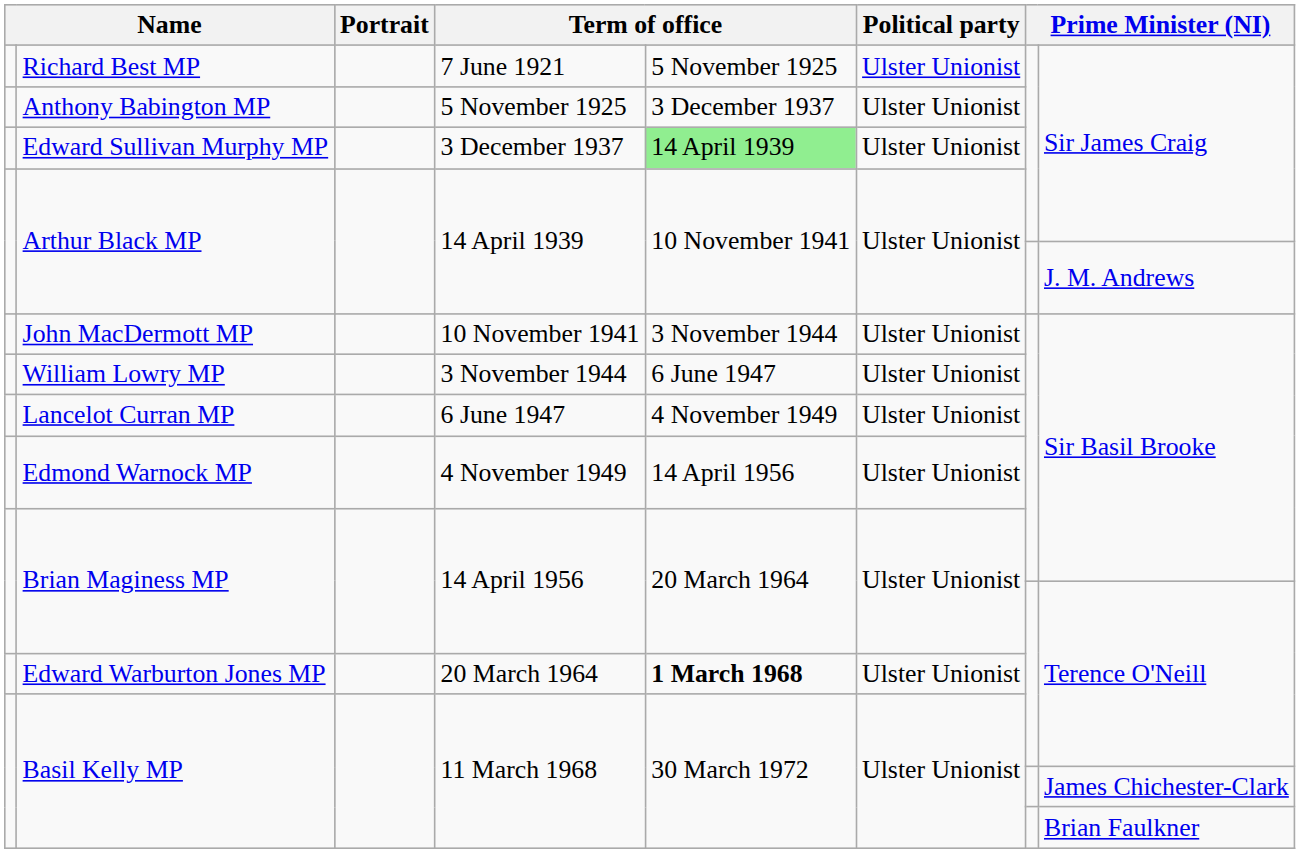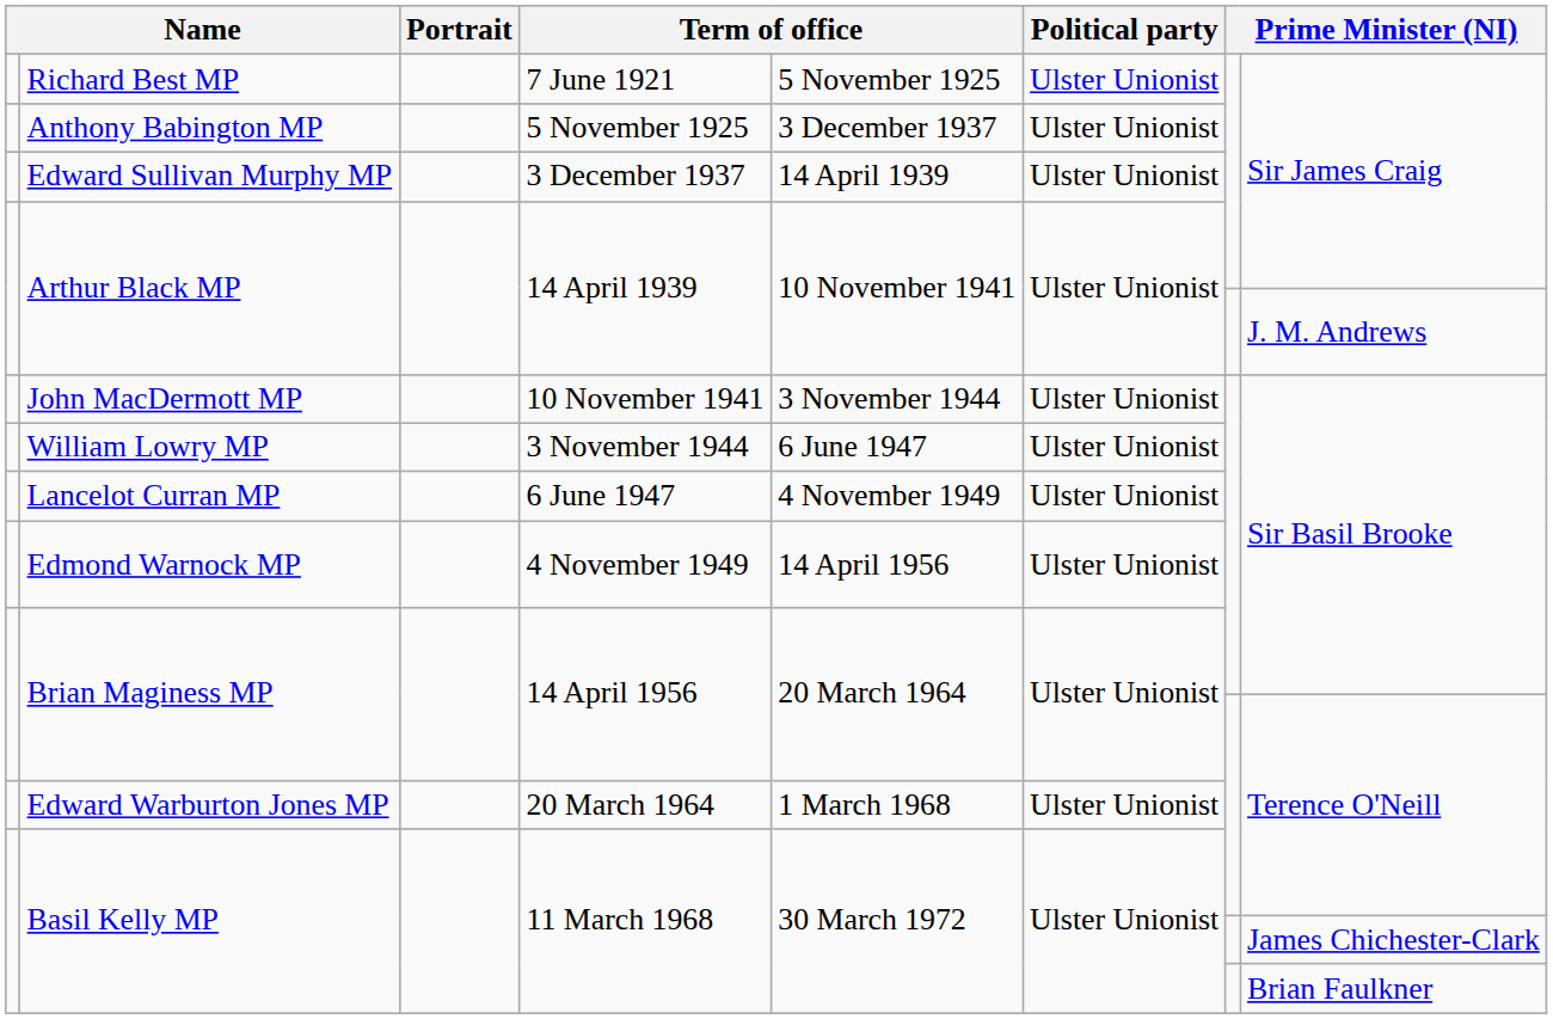 <table class="wikitable">
 <tr>
 <th colspan=2>Name</th>
 <th>Portrait</th>
 <th colspan=2>Term of office</th>
 <th>Political party</th>
 <th colspan=2><a href='#'>Prime Minister (NI)</a></th>
 </tr>
 <tr>
 <td style="background-color: "></td>
 <td><a href='#'>Richard Best MP</a></td>
 <td></td>
 <td>7 June 1921</td>
 <td>5 November 1925</td>
 <td><a href='#'>Ulster Unionist</a></td>
 <td rowspan="4" style="background-color: "></td>
 <td rowspan=4><a href='#'>Sir James Craig</a></td>
 </tr>
 <tr>
 <td style="background-color: "></td>
 <td><a href='#'>Anthony Babington MP</a></td>
 <td></td>
 <td>5 November 1925</td>
 <td>3 December 1937</td>
 <td>Ulster Unionist</td>
 </tr>
 <tr>
 <td style="background-color: "></td>
 <td><a href='#'>Edward Sullivan Murphy MP</a></td>
 <td></td>
 <td>3 December 1937</td>
-<td style="background: lightgreen;">14 April 1939</td>
+<td>14 April 1939</td>
 <td>Ulster Unionist</td>
 </tr>
 <tr style="height:45px">
 <td rowspan="2" style="background-color: "></td>
 <td rowspan=2><a href='#'>Arthur Black MP</a></td>
 <td rowspan=2></td>
 <td rowspan=2>14 April 1939</td>
 <td rowspan=2>10 November 1941</td>
 <td rowspan=2>Ulster Unionist</td>
 </tr>
 <tr style="height:45px">
 <td rowspan="2" style="background-color: "></td>
 <td rowspan=2><a href='#'>J. M. Andrews</a></td>
 </tr>
 <tr>
 <td rowspan="2" style="background-color: "></td>
 <td rowspan=2><a href='#'>John MacDermott MP</a></td>
 <td rowspan=2></td>
 <td rowspan=2>10 November 1941</td>
 <td rowspan=2>3 November 1944</td>
 <td rowspan=2>Ulster Unionist</td>
 </tr>
 <tr>
 <td rowspan="5" style="background-color: "></td>
 <td rowspan=5><a href='#'>Sir Basil Brooke</a></td>
 </tr>
 <tr>
 <td style="background-color: "></td>
 <td><a href='#'>William Lowry MP</a></td>
 <td></td>
 <td>3 November 1944</td>
 <td>6 June 1947</td>
 <td>Ulster Unionist</td>
 </tr>
 <tr>
 <td style="background-color: "></td>
 <td><a href='#'>Lancelot Curran MP</a></td>
 <td></td>
 <td>6 June 1947</td>
 <td>4 November 1949</td>
 <td>Ulster Unionist</td>
 </tr>
 <tr style="height:45px">
 <td style="background-color: "></td>
 <td><a href='#'>Edmond Warnock MP</a></td>
 <td></td>
 <td>4 November 1949</td>
 <td>14 April 1956</td>
 <td>Ulster Unionist</td>
 </tr>
 <tr style="height:45px">
 <td rowspan="2" style="background-color: "></td>
 <td rowspan=2><a href='#'>Brian Maginess MP</a></td>
 <td rowspan=2></td>
 <td rowspan=2>14 April 1956</td>
 <td rowspan=2>20 March 1964</td>
 <td rowspan=2>Ulster Unionist</td>
 </tr>
 <tr style="height:45px">
 <td rowspan="3" style="background-color: "></td>
 <td rowspan=3><a href='#'>Terence O'Neill</a></td>
 </tr>
 <tr>
 <td style="background-color: "></td>
 <td><a href='#'>Edward Warburton Jones MP</a></td>
 <td></td>
 <td>20 March 1964</td>
-<td><strong>1 March 1968</strong></td>
+<td>1 March 1968</td>
 <td>Ulster Unionist</td>
 </tr>
 <tr style="height:45px">
 <td rowspan="3" style="background-color: "></td>
 <td rowspan=3><a href='#'>Basil Kelly MP</a></td>
 <td rowspan=3></td>
 <td rowspan=3>11 March 1968</td>
 <td rowspan=3>30 March 1972</td>
 <td rowspan=3>Ulster Unionist</td>
 </tr>
 <tr>
 <td style="background-color: "></td>
 <td><a href='#'>James Chichester-Clark</a></td>
 </tr>
 <tr>
 <td style="background-color: "></td>
 <td><a href='#'>Brian Faulkner</a></td>
 </tr>
 <tr>
 </tr>
 </table>
